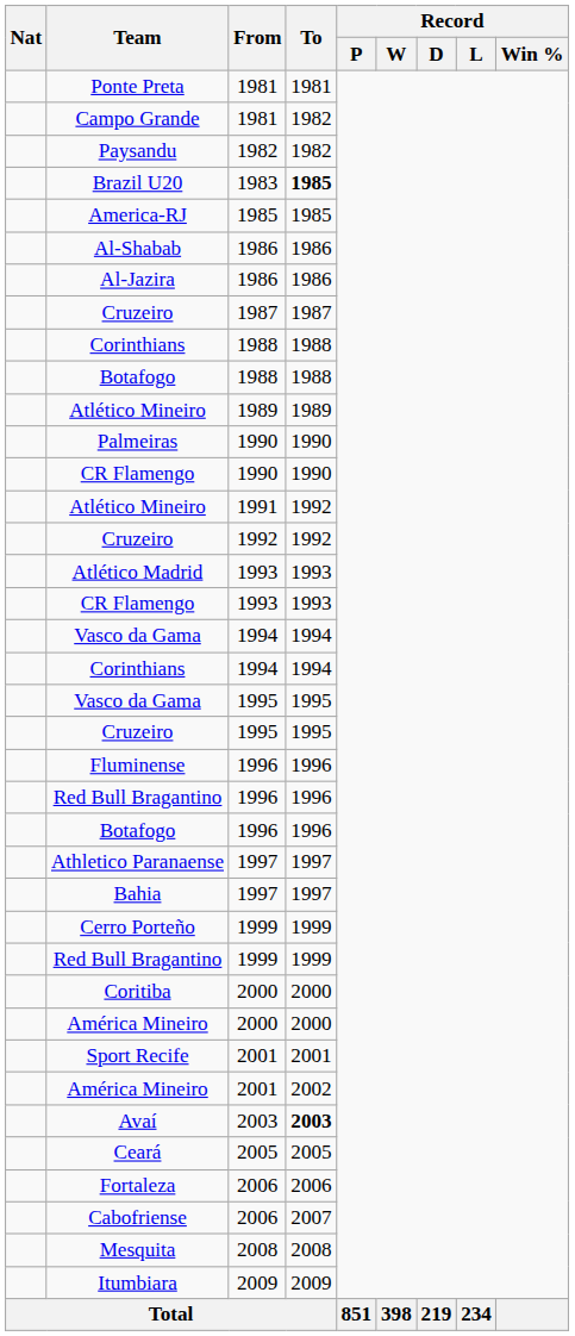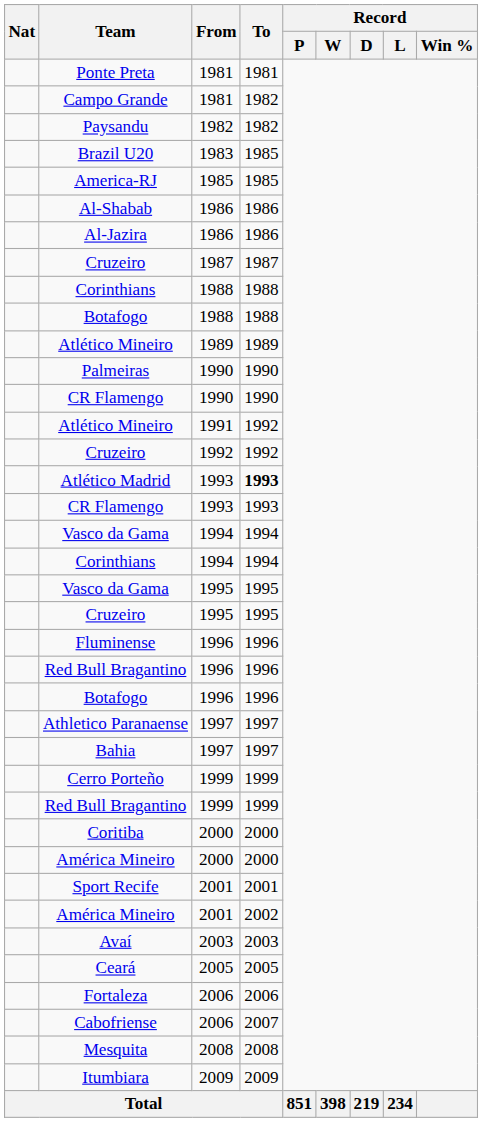 <table class="wikitable" style="text-align: center">
 <tr>
 <th rowspan="2">Nat</th>
 <th rowspan="2">Team</th>
 <th rowspan="2">From</th>
 <th rowspan="2">To</th>
 <th colspan="8">Record</th>
 </tr>
 <tr>
 <th>P</th>
 <th>W</th>
 <th>D</th>
 <th>L</th>
 <th>Win %</th>
 </tr>
 <tr>
 <td></td>
 <td><a href='#'>Ponte Preta</a></td>
 <td>1981</td>
 <td>1981<br></td>
 </tr>
 <tr>
 <td></td>
 <td><a href='#'>Campo Grande</a></td>
 <td>1981</td>
 <td>1982<br></td>
 </tr>
 <tr>
 <td></td>
 <td><a href='#'>Paysandu</a></td>
 <td>1982</td>
 <td>1982<br></td>
 </tr>
 <tr>
 <td></td>
 <td><a href='#'>Brazil U20</a></td>
 <td>1983</td>
-<td><strong>1985<br></strong></td>
+<td>1985<br></td>
 </tr>
 <tr>
 <td></td>
 <td><a href='#'>America-RJ</a></td>
 <td>1985</td>
 <td>1985<br></td>
 </tr>
 <tr>
 <td></td>
 <td><a href='#'>Al-Shabab</a></td>
 <td>1986</td>
 <td>1986<br></td>
 </tr>
 <tr>
 <td></td>
 <td><a href='#'>Al-Jazira</a></td>
 <td>1986</td>
 <td>1986<br></td>
 </tr>
 <tr>
 <td></td>
 <td><a href='#'>Cruzeiro</a></td>
 <td>1987</td>
 <td>1987<br></td>
 </tr>
 <tr>
 <td></td>
 <td><a href='#'>Corinthians</a></td>
 <td>1988</td>
 <td>1988<br></td>
 </tr>
 <tr>
 <td></td>
 <td><a href='#'>Botafogo</a></td>
 <td>1988</td>
 <td>1988<br></td>
 </tr>
 <tr>
 <td></td>
 <td><a href='#'>Atlético Mineiro</a></td>
 <td>1989</td>
 <td>1989<br></td>
 </tr>
 <tr>
 <td></td>
 <td><a href='#'>Palmeiras</a></td>
 <td>1990</td>
 <td>1990<br></td>
 </tr>
 <tr>
 <td></td>
 <td><a href='#'>CR Flamengo</a></td>
 <td>1990</td>
 <td>1990<br></td>
 </tr>
 <tr>
 <td></td>
 <td><a href='#'>Atlético Mineiro</a></td>
 <td>1991</td>
 <td>1992<br></td>
 </tr>
 <tr>
 <td></td>
 <td><a href='#'>Cruzeiro</a></td>
 <td>1992</td>
 <td>1992<br></td>
 </tr>
 <tr>
 <td></td>
 <td><a href='#'>Atlético Madrid</a></td>
 <td>1993</td>
-<td>1993<br></td>
+<td><strong>1993<br></strong></td>
 </tr>
 <tr>
 <td></td>
 <td><a href='#'>CR Flamengo</a></td>
 <td>1993</td>
 <td>1993<br></td>
 </tr>
 <tr>
 <td></td>
 <td><a href='#'>Vasco da Gama</a></td>
 <td>1994</td>
 <td>1994<br></td>
 </tr>
 <tr>
 <td></td>
 <td><a href='#'>Corinthians</a></td>
 <td>1994</td>
 <td>1994<br></td>
 </tr>
 <tr>
 <td></td>
 <td><a href='#'>Vasco da Gama</a></td>
 <td>1995</td>
 <td>1995<br></td>
 </tr>
 <tr>
 <td></td>
 <td><a href='#'>Cruzeiro</a></td>
 <td>1995</td>
 <td>1995<br></td>
 </tr>
 <tr>
 <td></td>
 <td><a href='#'>Fluminense</a></td>
 <td>1996</td>
 <td>1996<br></td>
 </tr>
 <tr>
 <td></td>
 <td><a href='#'>Red Bull Bragantino</a></td>
 <td>1996</td>
 <td>1996<br></td>
 </tr>
 <tr>
 <td></td>
 <td><a href='#'>Botafogo</a></td>
 <td>1996</td>
 <td>1996<br></td>
 </tr>
 <tr>
 <td></td>
 <td><a href='#'>Athletico Paranaense</a></td>
 <td>1997</td>
 <td>1997<br></td>
 </tr>
 <tr>
 <td></td>
 <td><a href='#'>Bahia</a></td>
 <td>1997</td>
 <td>1997<br></td>
 </tr>
 <tr>
 <td></td>
 <td><a href='#'>Cerro Porteño</a></td>
 <td>1999</td>
 <td>1999<br></td>
 </tr>
 <tr>
 <td></td>
 <td><a href='#'>Red Bull Bragantino</a></td>
 <td>1999</td>
 <td>1999<br></td>
 </tr>
 <tr>
 <td></td>
 <td><a href='#'>Coritiba</a></td>
 <td>2000</td>
 <td>2000<br></td>
 </tr>
 <tr>
 <td></td>
 <td><a href='#'>América Mineiro</a></td>
 <td>2000</td>
 <td>2000<br></td>
 </tr>
 <tr>
 <td></td>
 <td><a href='#'>Sport Recife</a></td>
 <td>2001</td>
 <td>2001<br></td>
 </tr>
 <tr>
 <td></td>
 <td><a href='#'>América Mineiro</a></td>
 <td>2001</td>
 <td>2002<br></td>
 </tr>
 <tr>
 <td></td>
 <td><a href='#'>Avaí</a></td>
 <td>2003</td>
-<td><strong>2003<br></strong></td>
+<td>2003<br></td>
 </tr>
 <tr>
 <td></td>
 <td><a href='#'>Ceará</a></td>
 <td>2005</td>
 <td>2005<br></td>
 </tr>
 <tr>
 <td></td>
 <td><a href='#'>Fortaleza</a></td>
 <td>2006</td>
 <td>2006<br></td>
 </tr>
 <tr>
 <td></td>
 <td><a href='#'>Cabofriense</a></td>
 <td>2006</td>
 <td>2007<br></td>
 </tr>
 <tr>
 <td></td>
 <td><a href='#'>Mesquita</a></td>
 <td>2008</td>
 <td>2008<br></td>
 </tr>
 <tr>
 <td></td>
 <td><a href='#'>Itumbiara</a></td>
 <td>2009</td>
 <td>2009<br></td>
 </tr>
 <tr>
 <th align="center" colspan="4">Total</th>
 <th>851</th>
 <th>398</th>
 <th>219</th>
 <th>234</th>
 <th></th>
 </tr>
 </table>
